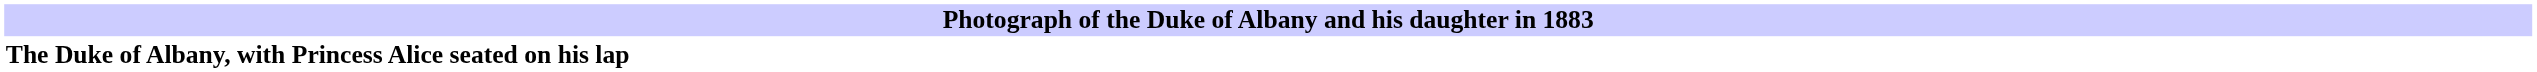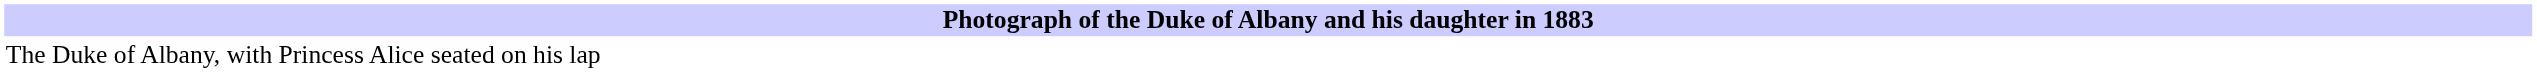 <table class="toccolours collapsible collapsed" width="100%;" align="center">
 <tr>
 <th bgcolor=ccccff>Photograph of the Duke of Albany and his daughter in 1883</th>
 </tr>
 <tr>
-<td><strong> The Duke of Albany, with Princess Alice seated on his lap</strong></td>
+<td> The Duke of Albany, with Princess Alice seated on his lap</td>
 </tr>
 </table>
